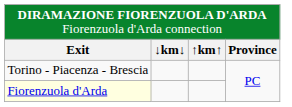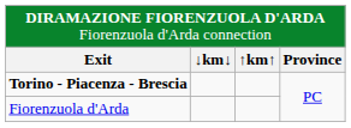 <table class="wikitable">
 <tr>
 </tr>
 <tr align="center" style="color: white;font-size:100%;" bgcolor="#08842c">
 <td colspan="6"> <strong>DIRAMAZIONE FIORENZUOLA D'ARDA</strong><br>Fiorenzuola d'Arda connection</td>
 </tr>
 <tr>
 <th><strong>Exit</strong></th>
 <th align="center"><strong>↓km↓</strong></th>
 <th align="center"><strong>↑km↑</strong></th>
 <th align="center"><strong>Province</strong></th>
 </tr>
 <tr>
-<td>  Torino - Piacenza - Brescia</td>
+<td><strong>  Torino - Piacenza - Brescia</strong></td>
 <td align="right"></td>
 <td align="right"></td>
 <td rowspan="2" align="center"><a href='#'>PC</a></td>
 </tr>
 <tr>
-<td style="background: lightyellow;">  <a href='#'>Fiorenzuola d'Arda</a></td>
+<td>  <a href='#'>Fiorenzuola d'Arda</a></td>
 <td align="right"></td>
 <td align="right"></td>
 </tr>
 </table>
